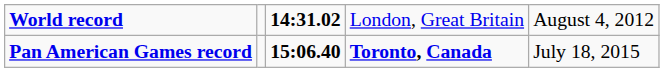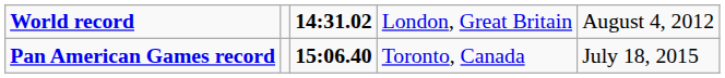 <table class="wikitable">
 <tr>
 <td><strong><a href='#'>World record</a></strong></td>
 <td></td>
 <td><strong>14:31.02</strong></td>
 <td><a href='#'>London</a>, <a href='#'>Great Britain</a></td>
 <td>August 4, 2012</td>
 </tr>
 <tr>
 <td><strong><a href='#'>Pan American Games record</a></strong></td>
 <td></td>
 <td><strong>15:06.40</strong></td>
-<td><strong><a href='#'>Toronto</a>, <a href='#'>Canada</a></strong></td>
+<td><a href='#'>Toronto</a>, <a href='#'>Canada</a></td>
 <td>July 18, 2015</td>
 </tr>
 </table>
